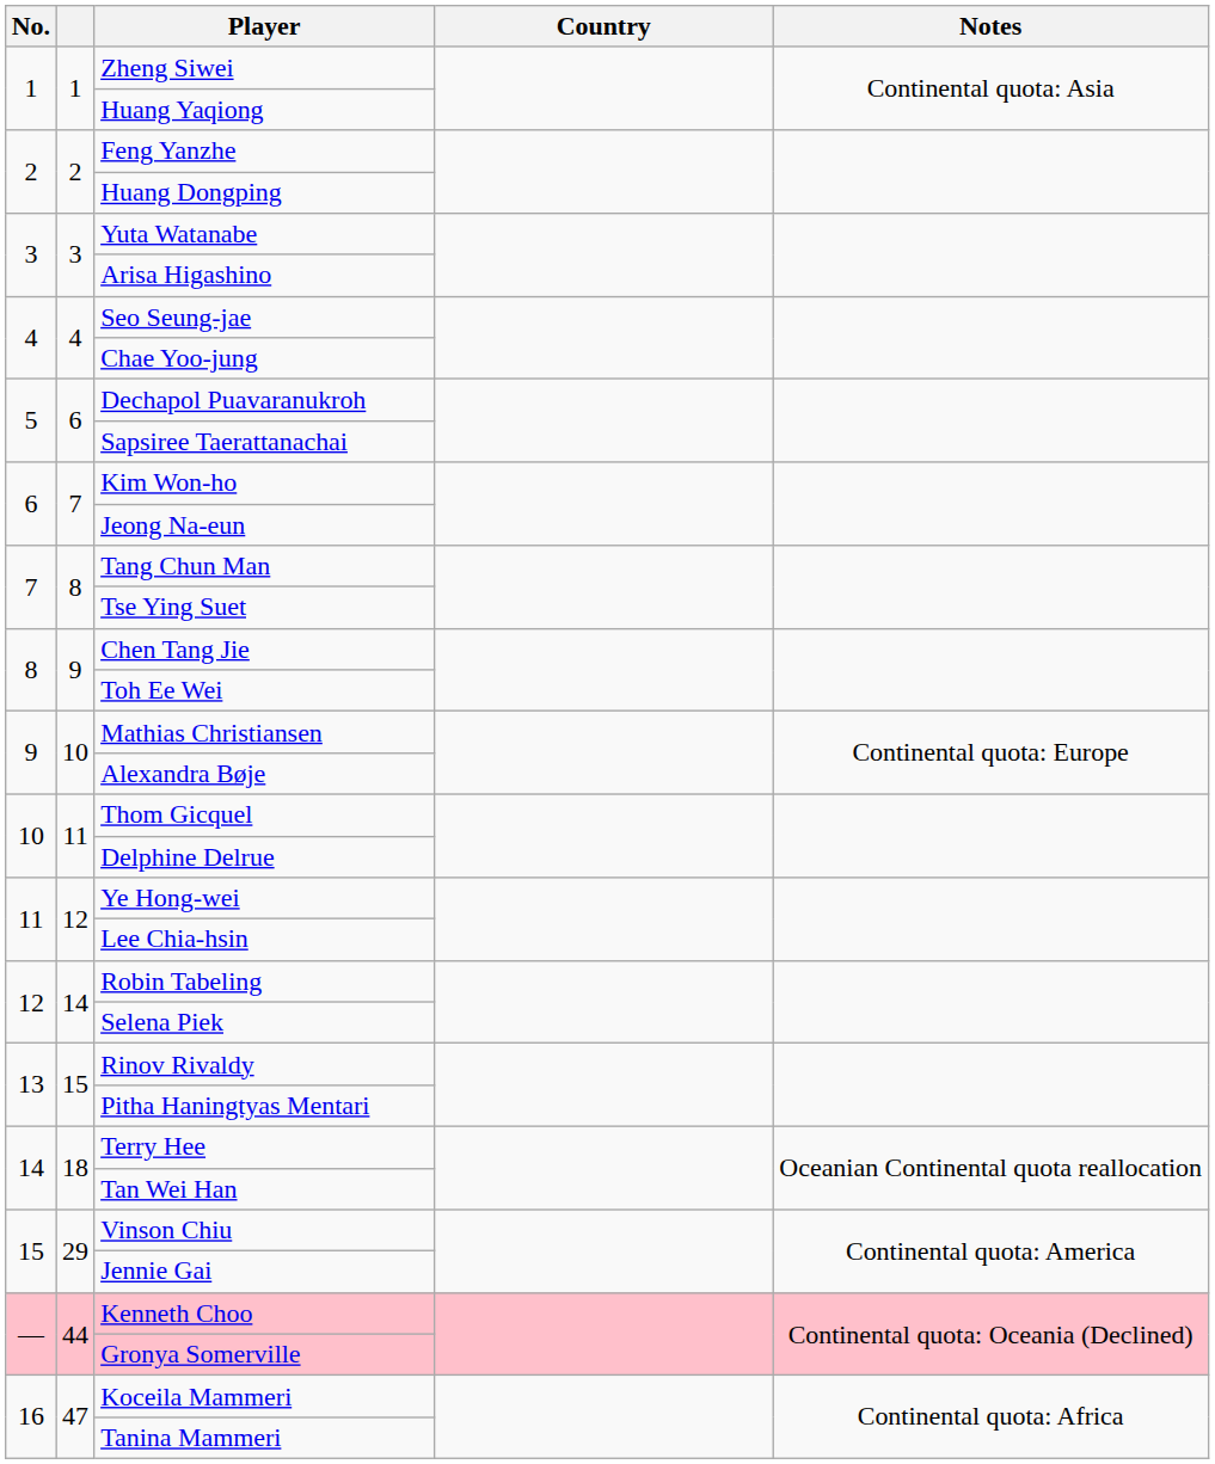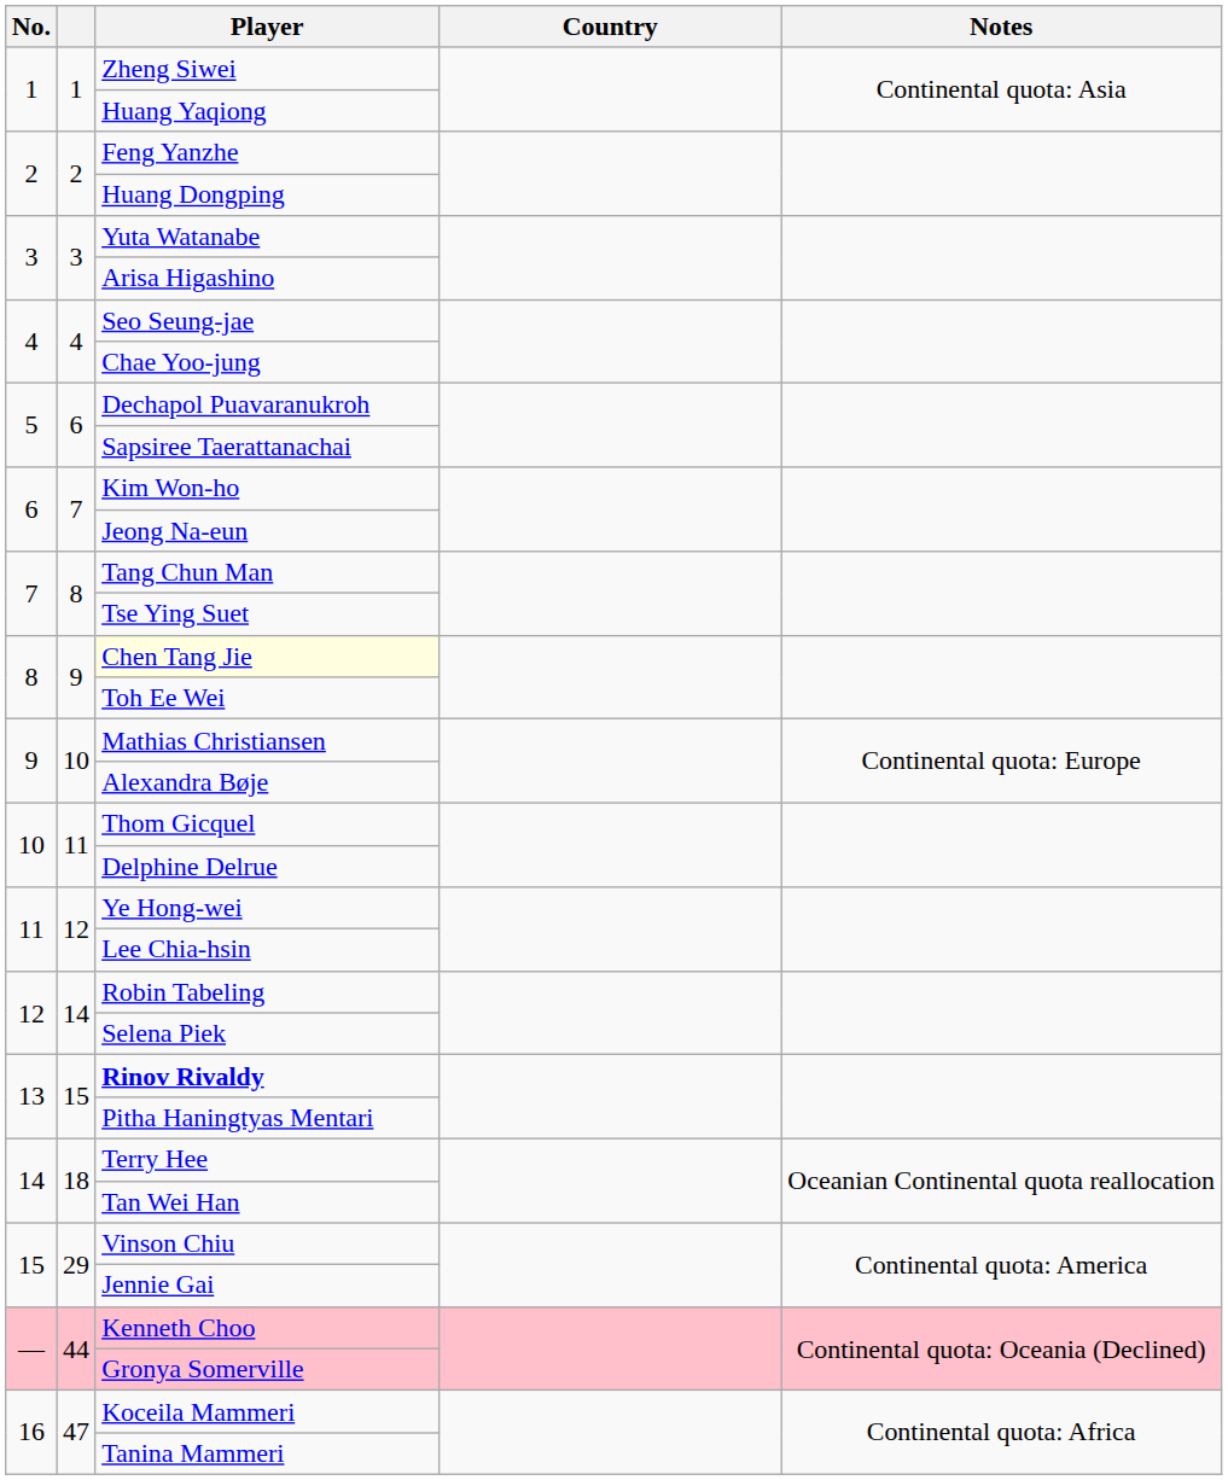 <table class="wikitable sortable" style="text-align:center">
 <tr>
 <th>No.</th>
 <th></th>
 <th width="200">Player</th>
 <th width="200">Country</th>
 <th>Notes</th>
 </tr>
 <tr>
 <td rowspan=2>1</td>
 <td rowspan=2>1</td>
 <td align=left><a href='#'>Zheng Siwei</a></td>
 <td rowspan=2 align=left></td>
 <td rowspan=2>Continental quota: Asia</td>
 </tr>
 <tr>
 <td align=left><a href='#'>Huang Yaqiong</a></td>
 </tr>
 <tr>
 <td rowspan=2>2</td>
 <td rowspan=2>2</td>
 <td align=left><a href='#'>Feng Yanzhe</a></td>
 <td rowspan=2 align=left></td>
 <td rowspan=2></td>
 </tr>
 <tr>
 <td align=left><a href='#'>Huang Dongping</a></td>
 </tr>
 <tr>
 <td rowspan=2>3</td>
 <td rowspan=2>3</td>
 <td align=left><a href='#'>Yuta Watanabe</a></td>
 <td rowspan=2 align=left></td>
 <td rowspan=2></td>
 </tr>
 <tr>
 <td align=left><a href='#'>Arisa Higashino</a></td>
 </tr>
 <tr>
 <td rowspan=2>4</td>
 <td rowspan=2>4</td>
 <td align=left><a href='#'>Seo Seung-jae</a></td>
 <td rowspan=2 align=left></td>
 <td rowspan=2></td>
 </tr>
 <tr>
 <td align=left><a href='#'>Chae Yoo-jung</a></td>
 </tr>
 <tr>
 <td rowspan=2>5</td>
 <td rowspan=2>6</td>
 <td align=left><a href='#'>Dechapol Puavaranukroh</a></td>
 <td rowspan=2 align=left></td>
 <td rowspan=2></td>
 </tr>
 <tr>
 <td align=left><a href='#'>Sapsiree Taerattanachai</a></td>
 </tr>
 <tr>
 <td rowspan=2>6</td>
 <td rowspan=2>7</td>
 <td align=left><a href='#'>Kim Won-ho</a></td>
 <td rowspan=2 align=left></td>
 <td rowspan=2></td>
 </tr>
 <tr>
 <td align=left><a href='#'>Jeong Na-eun</a></td>
 </tr>
 <tr>
 <td rowspan=2>7</td>
 <td rowspan=2>8</td>
 <td align=left><a href='#'>Tang Chun Man</a></td>
 <td rowspan=2 align=left></td>
 <td rowspan=2></td>
 </tr>
 <tr>
 <td align=left><a href='#'>Tse Ying Suet</a></td>
 </tr>
 <tr>
 <td rowspan=2>8</td>
 <td rowspan=2>9</td>
-<td align=left><a href='#'>Chen Tang Jie</a></td>
+<td align=left style="background: lightyellow;"><a href='#'>Chen Tang Jie</a></td>
 <td rowspan=2 align=left></td>
 <td rowspan=2></td>
 </tr>
 <tr>
 <td align=left><a href='#'>Toh Ee Wei</a></td>
 </tr>
 <tr>
 <td rowspan=2>9</td>
 <td rowspan=2>10</td>
 <td align=left><a href='#'>Mathias Christiansen</a></td>
 <td rowspan=2 align=left></td>
 <td rowspan=2>Continental quota: Europe</td>
 </tr>
 <tr>
 <td align=left><a href='#'>Alexandra Bøje</a></td>
 </tr>
 <tr>
 <td rowspan=2>10</td>
 <td rowspan=2>11</td>
 <td align=left><a href='#'>Thom Gicquel</a></td>
 <td rowspan=2 align=left></td>
 <td rowspan=2></td>
 </tr>
 <tr>
 <td align=left><a href='#'>Delphine Delrue</a></td>
 </tr>
 <tr>
 <td rowspan=2>11</td>
 <td rowspan=2>12</td>
 <td align=left><a href='#'>Ye Hong-wei</a></td>
 <td rowspan=2 align=left></td>
 <td rowspan=2></td>
 </tr>
 <tr>
 <td align=left><a href='#'>Lee Chia-hsin</a></td>
 </tr>
 <tr>
 <td rowspan=2>12</td>
 <td rowspan=2>14</td>
 <td align=left><a href='#'>Robin Tabeling</a></td>
 <td rowspan=2 align=left></td>
 <td rowspan=2></td>
 </tr>
 <tr>
 <td align=left><a href='#'>Selena Piek</a></td>
 </tr>
 <tr>
 <td rowspan=2>13</td>
 <td rowspan=2>15</td>
-<td align=left><a href='#'>Rinov Rivaldy</a></td>
+<td align=left><strong><a href='#'>Rinov Rivaldy</a></strong></td>
 <td rowspan=2 align=left></td>
 <td rowspan=2></td>
 </tr>
 <tr>
 <td align=left><a href='#'>Pitha Haningtyas Mentari</a></td>
 </tr>
 <tr>
 <td rowspan=2>14</td>
 <td rowspan=2>18</td>
 <td align=left><a href='#'>Terry Hee</a></td>
 <td rowspan=2 align=left></td>
 <td rowspan=2>Oceanian Continental quota reallocation</td>
 </tr>
 <tr>
 <td align=left><a href='#'>Tan Wei Han</a></td>
 </tr>
 <tr>
 <td rowspan=2>15</td>
 <td rowspan=2>29</td>
 <td align=left><a href='#'>Vinson Chiu</a></td>
 <td rowspan=2 align=left></td>
 <td rowspan=2>Continental quota: America</td>
 </tr>
 <tr>
 <td align=left><a href='#'>Jennie Gai</a></td>
 </tr>
 <tr bgcolor=#ffc0cb>
 <td rowspan=2>—</td>
 <td rowspan=2>44</td>
 <td align=left><a href='#'>Kenneth Choo</a></td>
 <td rowspan=2 align=left></td>
 <td rowspan=2>Continental quota: Oceania (Declined)</td>
 </tr>
 <tr bgcolor=#ffc0cb>
 <td align=left><a href='#'>Gronya Somerville</a></td>
 </tr>
 <tr>
 <td rowspan=2>16</td>
 <td rowspan=2>47</td>
 <td align=left><a href='#'>Koceila Mammeri</a></td>
 <td rowspan=2 align=left></td>
 <td rowspan=2>Continental quota: Africa</td>
 </tr>
 <tr>
 <td align=left><a href='#'>Tanina Mammeri</a></td>
 </tr>
 </table>
